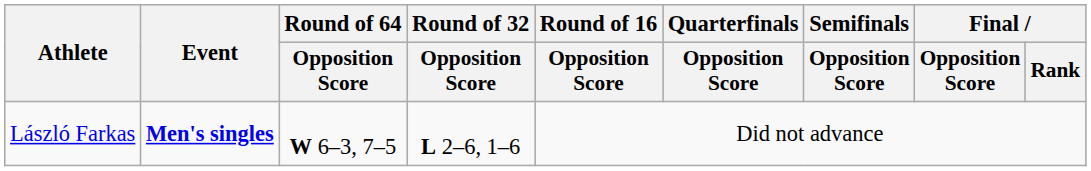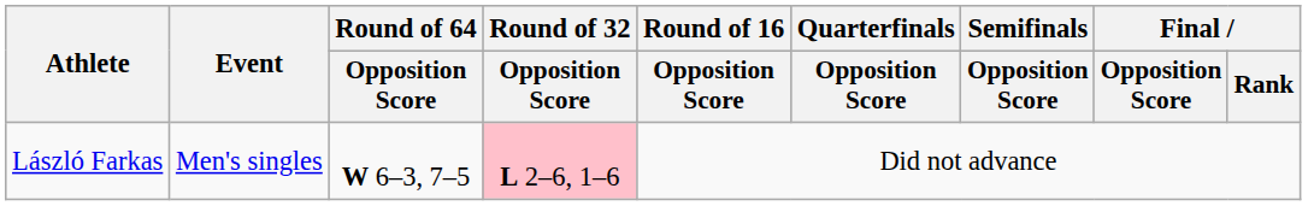 <table class=wikitable style="font-size:90%">
 <tr>
 <th rowspan="2">Athlete</th>
 <th rowspan="2">Event</th>
 <th>Round of 64</th>
 <th>Round of 32</th>
 <th>Round of 16</th>
 <th>Quarterfinals</th>
 <th>Semifinals</th>
 <th colspan=2>Final / </th>
 </tr>
 <tr style="font-size:95%">
 <th>Opposition<br>Score</th>
 <th>Opposition<br>Score</th>
 <th>Opposition<br>Score</th>
 <th>Opposition<br>Score</th>
 <th>Opposition<br>Score</th>
 <th>Opposition<br>Score</th>
 <th>Rank</th>
 </tr>
 <tr align=center>
 <td align=left><a href='#'>László Farkas</a></td>
-<td align=left><strong><a href='#'>Men's singles</a></strong></td>
+<td align=left><a href='#'>Men's singles</a></td>
 <td><br><strong>W</strong> 6–3, 7–5</td>
-<td><br><strong>L</strong> 2–6, 1–6</td>
+<td style="background: pink;"><br><strong>L</strong> 2–6, 1–6</td>
 <td colspan=5>Did not advance</td>
 </tr>
 </table>
